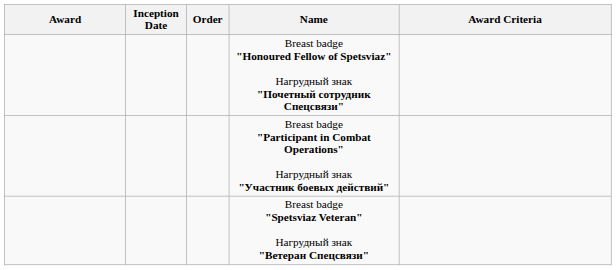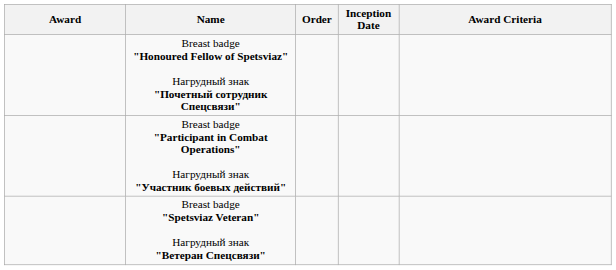 <table class="wikitable sortable" style="text-align:center">
 <tr>
 <th style="width:20%">Award</th>
+<th style="width:28%">Name </th>
+<th style="width:07%">Order</th>
 <th style="width:10%">Inception Date</th>
-<th style="width:07%">Order</th>
-<th style="width:28%">Name </th>
 <th style="width:35%">Award Criteria</th>
 </tr>
 <tr>
 <td></td>
+<td>Breast badge<br><strong>"Honoured Fellow of Spetsviaz"</strong><br><br>Нагрудный знак<br><strong>"Почетный сотрудник Спецсвязи"</strong></td>
 <td></td>
 <td></td>
-<td>Breast badge<br><strong>"Honoured Fellow of Spetsviaz"</strong><br><br>Нагрудный знак<br><strong>"Почетный сотрудник Спецсвязи"</strong></td>
 <td></td>
 </tr>
 <tr>
 <td></td>
+<td>Breast badge<br><strong>"Participant in Combat Operations"</strong><br><br>Нагрудный знак<br> <strong>"Участник боевых действий"</strong></td>
 <td></td>
 <td></td>
-<td>Breast badge<br><strong>"Participant in Combat Operations"</strong><br><br>Нагрудный знак<br> <strong>"Участник боевых действий"</strong></td>
 <td></td>
 </tr>
 <tr>
 <td></td>
+<td>Breast badge<br><strong>"Spetsviaz Veteran"</strong><br><br>Нагрудный знак<br> <strong>"Ветеран Спецсвязи"</strong></td>
 <td></td>
 <td></td>
-<td>Breast badge<br><strong>"Spetsviaz Veteran"</strong><br><br>Нагрудный знак<br> <strong>"Ветеран Спецсвязи"</strong></td>
 <td></td>
 </tr>
 </table>
